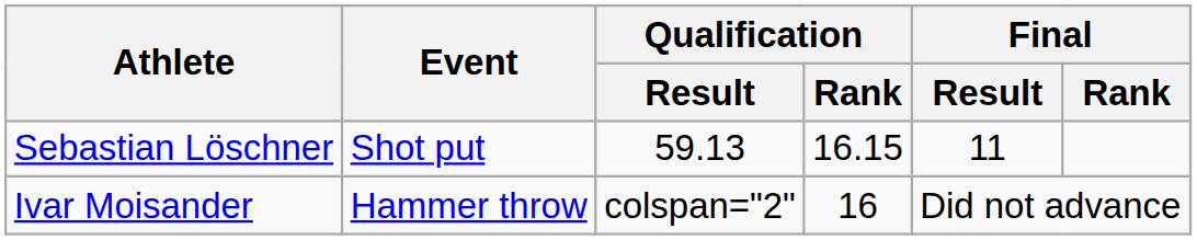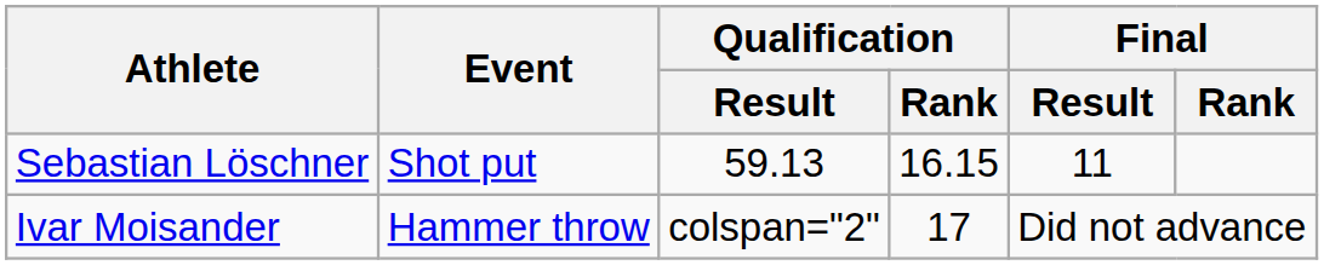 <table class="wikitable" style="font-size:90%; text-align:center">
 <tr>
 <th rowspan="2">Athlete</th>
 <th rowspan="2">Event</th>
 <th colspan="2">Qualification</th>
 <th colspan="2">Final</th>
 </tr>
 <tr>
 <th>Result</th>
 <th>Rank</th>
 <th>Result</th>
 <th>Rank</th>
 </tr>
 <tr>
 <td align="left"><a href='#'>Sebastian Löschner</a></td>
 <td align="left"><a href='#'>Shot put</a></td>
 <td>59.13</td>
 <td>16.15</td>
 <td>11</td>
 </tr>
 <tr>
 <td align="left"><a href='#'>Ivar Moisander</a></td>
 <td align="left"><a href='#'>Hammer throw</a></td>
 <td>colspan="2" </td>
-<td>16</td>
+<td>17</td>
 <td colspan="2">Did not advance</td>
 </tr>
 </table>
